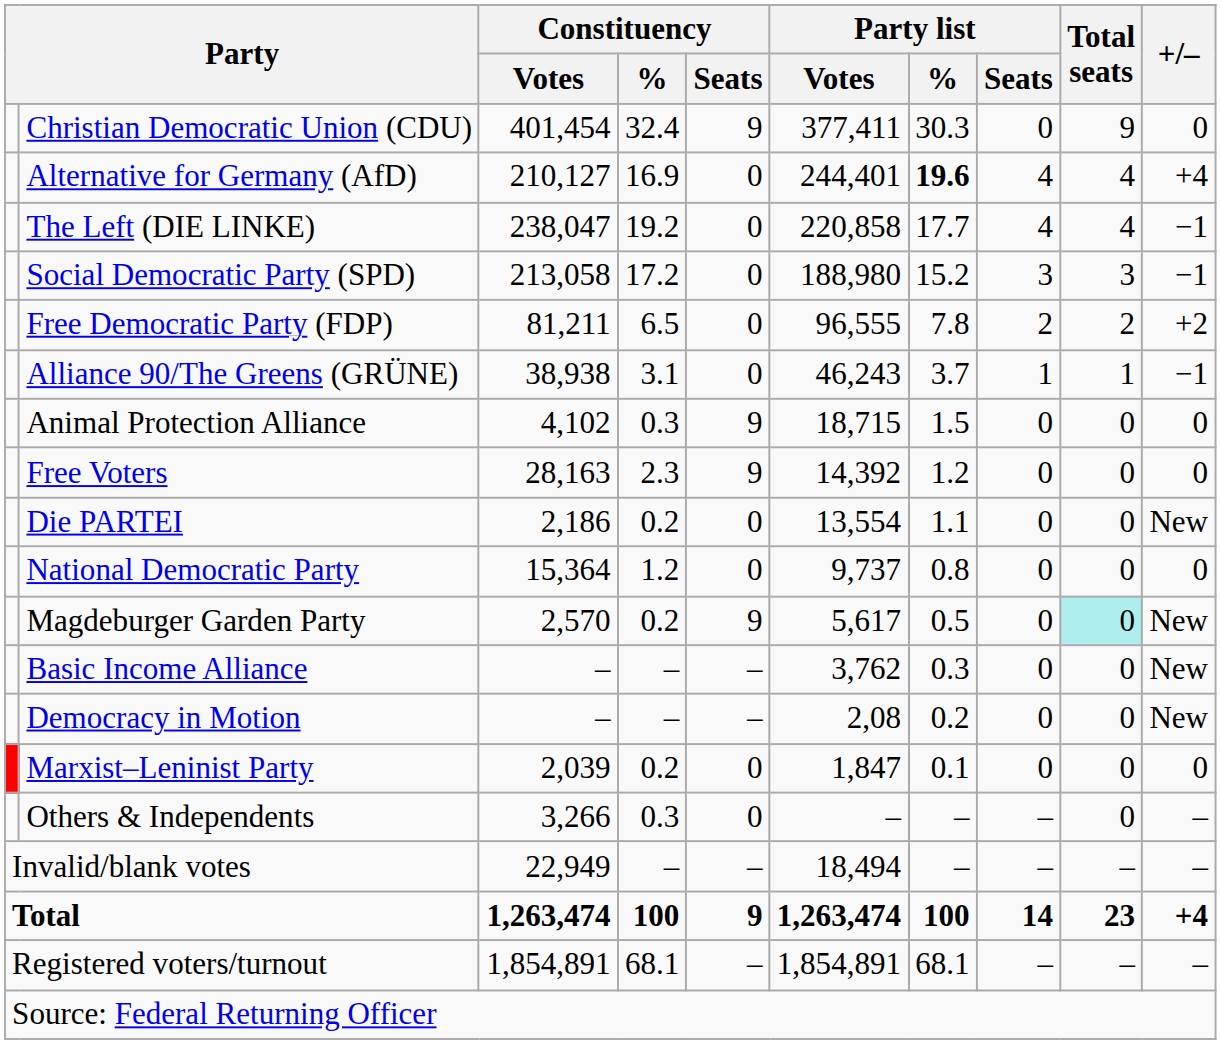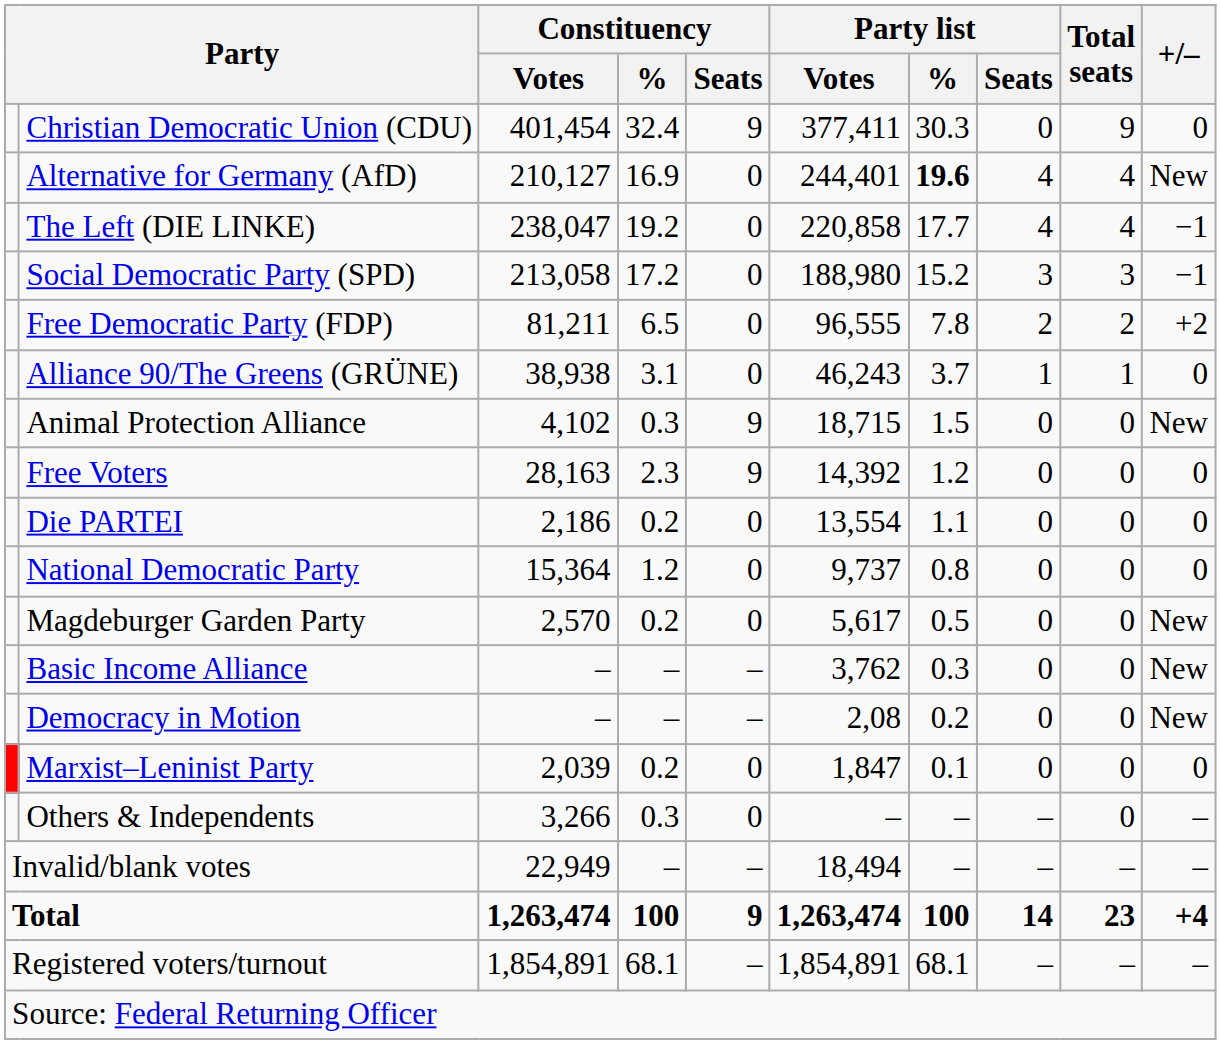 <table class="wikitable" style="text-align:right">
 <tr>
 <th colspan="2" rowspan="2">Party</th>
 <th colspan="3">Constituency</th>
 <th colspan="3">Party list</th>
 <th rowspan="2">Total<br>seats</th>
 <th rowspan="2">+/–</th>
 </tr>
 <tr>
 <th>Votes</th>
 <th>%</th>
 <th>Seats</th>
 <th>Votes</th>
 <th>%</th>
 <th>Seats</th>
 </tr>
 <tr>
 <td></td>
 <td align="left"><a href='#'>Christian Democratic Union</a> (CDU)</td>
 <td>401,454</td>
 <td>32.4</td>
 <td>9</td>
 <td>377,411</td>
 <td>30.3</td>
 <td>0</td>
 <td>9</td>
 <td>0</td>
 </tr>
 <tr>
 <td></td>
 <td align="left"><a href='#'>Alternative for Germany</a> (AfD)</td>
 <td>210,127</td>
 <td>16.9</td>
 <td>0</td>
 <td>244,401</td>
 <td><strong>19.6</strong></td>
 <td>4</td>
 <td>4</td>
-<td>+4</td>
+<td>New</td>
 </tr>
 <tr>
 <td></td>
 <td align="left"><a href='#'>The Left</a> (DIE LINKE)</td>
 <td>238,047</td>
 <td>19.2</td>
 <td>0</td>
 <td>220,858</td>
 <td>17.7</td>
 <td>4</td>
 <td>4</td>
 <td>−1</td>
 </tr>
 <tr>
 <td></td>
 <td align="left"><a href='#'>Social Democratic Party</a> (SPD)</td>
 <td>213,058</td>
 <td>17.2</td>
 <td>0</td>
 <td>188,980</td>
 <td>15.2</td>
 <td>3</td>
 <td>3</td>
 <td>−1</td>
 </tr>
 <tr>
 <td></td>
 <td align="left"><a href='#'>Free Democratic Party</a> (FDP)</td>
 <td>81,211</td>
 <td>6.5</td>
 <td>0</td>
 <td>96,555</td>
 <td>7.8</td>
 <td>2</td>
 <td>2</td>
 <td>+2</td>
 </tr>
 <tr>
 <td></td>
 <td align="left"><a href='#'>Alliance 90/The Greens</a> (GRÜNE)</td>
 <td>38,938</td>
 <td>3.1</td>
 <td>0</td>
 <td>46,243</td>
 <td>3.7</td>
 <td>1</td>
 <td>1</td>
-<td>−1</td>
+<td>0</td>
 </tr>
 <tr>
 <td></td>
 <td align="left">Animal Protection Alliance</td>
 <td>4,102</td>
 <td>0.3</td>
 <td>9</td>
 <td>18,715</td>
 <td>1.5</td>
 <td>0</td>
 <td>0</td>
-<td>0</td>
+<td>New</td>
 </tr>
 <tr>
 <td style="background-color:"></td>
 <td align="left"><a href='#'>Free Voters</a></td>
 <td>28,163</td>
 <td>2.3</td>
 <td>9</td>
 <td>14,392</td>
 <td>1.2</td>
 <td>0</td>
 <td>0</td>
 <td>0</td>
 </tr>
 <tr>
 <td style="background-color:"></td>
 <td align="left"><a href='#'>Die PARTEI</a></td>
 <td>2,186</td>
 <td>0.2</td>
 <td>0</td>
 <td>13,554</td>
 <td>1.1</td>
 <td>0</td>
 <td>0</td>
-<td>New</td>
+<td>0</td>
 </tr>
 <tr>
 <td style="background-color:"></td>
 <td align="left"><a href='#'>National Democratic Party</a></td>
 <td>15,364</td>
 <td>1.2</td>
 <td>0</td>
 <td>9,737</td>
 <td>0.8</td>
 <td>0</td>
 <td>0</td>
 <td>0</td>
 </tr>
 <tr>
 <td></td>
 <td align="left">Magdeburger Garden Party</td>
 <td>2,570</td>
 <td>0.2</td>
-<td>9</td>
+<td>0</td>
 <td>5,617</td>
 <td>0.5</td>
 <td>0</td>
-<td style="background: paleturquoise;">0</td>
+<td>0</td>
 <td>New</td>
 </tr>
 <tr>
 <td style="background-color:"></td>
 <td align="left"><a href='#'>Basic Income Alliance</a></td>
 <td>–</td>
 <td>–</td>
 <td>–</td>
 <td>3,762</td>
 <td>0.3</td>
 <td>0</td>
 <td>0</td>
 <td>New</td>
 </tr>
 <tr>
 <td></td>
 <td align="left"><a href='#'>Democracy in Motion</a></td>
 <td>–</td>
 <td>–</td>
 <td>–</td>
 <td>2,08</td>
 <td>0.2</td>
 <td>0</td>
 <td>0</td>
 <td>New</td>
 </tr>
 <tr>
 <td style="background-color:red"></td>
 <td align="left"><a href='#'>Marxist–Leninist Party</a></td>
 <td>2,039</td>
 <td>0.2</td>
 <td>0</td>
 <td>1,847</td>
 <td>0.1</td>
 <td>0</td>
 <td>0</td>
 <td>0</td>
 </tr>
 <tr>
 <td></td>
 <td align="left">Others & Independents</td>
 <td>3,266</td>
 <td>0.3</td>
 <td>0</td>
 <td>–</td>
 <td>–</td>
 <td>–</td>
 <td>0</td>
 <td>–</td>
 </tr>
 <tr>
 <td colspan="2" align="left">Invalid/blank votes</td>
 <td>22,949</td>
 <td>–</td>
 <td>–</td>
 <td>18,494</td>
 <td>–</td>
 <td>–</td>
 <td>–</td>
 <td>–</td>
 </tr>
 <tr>
 <td colspan="2" align="left"><strong>Total</strong></td>
 <td><strong>1,263,474</strong></td>
 <td><strong>100</strong></td>
 <td><strong>9</strong></td>
 <td><strong>1,263,474</strong></td>
 <td><strong>100</strong></td>
 <td><strong>14</strong></td>
 <td><strong>23</strong></td>
 <td><strong>+4</strong></td>
 </tr>
 <tr>
 <td colspan="2" align="left">Registered voters/turnout</td>
 <td>1,854,891</td>
 <td>68.1</td>
 <td>–</td>
 <td>1,854,891</td>
 <td>68.1</td>
 <td>–</td>
 <td>–</td>
 <td>–</td>
 </tr>
 <tr>
 <td colspan="10" align="left">Source: <a href='#'>Federal Returning Officer</a></td>
 </tr>
 </table>
